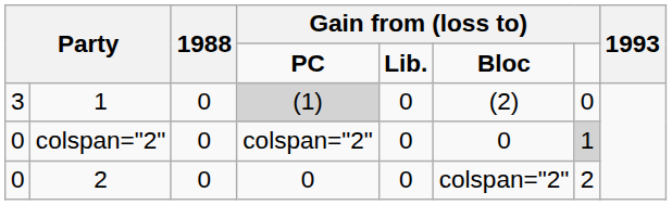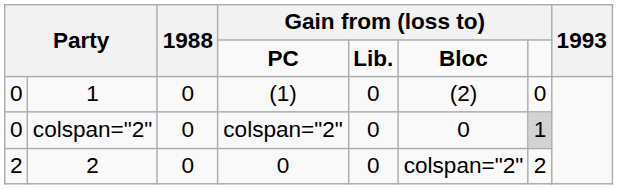 <table class="wikitable" style="text-align:center" align="center">
 <tr>
 <th rowspan="2" colspan="2">Party</th>
 <th rowspan="2">1988</th>
 <th colspan="6">Gain from (loss to)</th>
 <th rowspan="2">1993</th>
 </tr>
 <tr>
 <td><strong>PC</strong></td>
 <td><strong>Lib.</strong></td>
 <td><strong>Bloc</strong></td>
 </tr>
 <tr>
-<td>3</td>
+<td>0</td>
 <td>1</td>
 <td>0</td>
-<td style="background: lightgrey;">(1)</td>
+<td>(1)</td>
 <td>0</td>
 <td>(2)</td>
 <td>0</td>
 </tr>
 <tr>
 <td>0</td>
 <td>colspan="2" </td>
 <td>0</td>
 <td>colspan="2" </td>
 <td>0</td>
 <td>0</td>
 <td style="background: lightgrey;">1</td>
 </tr>
 <tr>
-<td>0</td>
+<td>2</td>
 <td>2</td>
 <td>0</td>
 <td>0</td>
 <td>0</td>
 <td>colspan="2" </td>
 <td>2</td>
 </tr>
 </table>
